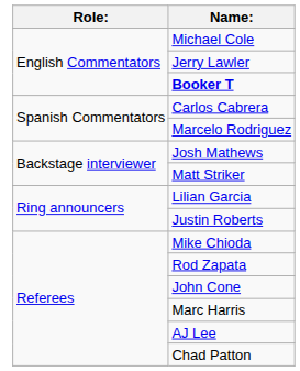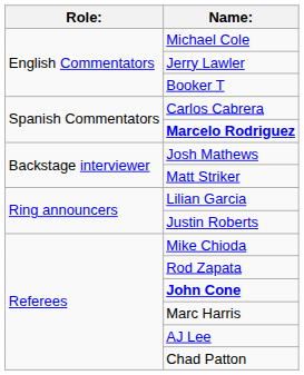 <table class=wikitable style="font-size:90%; margin: 0.5em 0 0.5em 1em; float: right; clear: right;">
 <tr>
 <th>Role:</th>
 <th>Name:</th>
 </tr>
 <tr>
 <td rowspan=3>English <a href='#'>Commentators</a></td>
 <td><a href='#'>Michael Cole</a></td>
 </tr>
 <tr>
 <td><a href='#'>Jerry Lawler</a></td>
 </tr>
 <tr>
-<td><strong><a href='#'>Booker T</a></strong></td>
+<td><a href='#'>Booker T</a></td>
 </tr>
 <tr>
 <td rowspan=2>Spanish Commentators</td>
 <td><a href='#'>Carlos Cabrera</a></td>
 </tr>
 <tr>
-<td><a href='#'>Marcelo Rodriguez</a></td>
+<td><strong><a href='#'>Marcelo Rodriguez</a></strong></td>
 </tr>
 <tr>
 <td rowspan=2>Backstage <a href='#'>interviewer</a></td>
 <td><a href='#'>Josh Mathews</a></td>
 </tr>
 <tr>
 <td><a href='#'>Matt Striker</a></td>
 </tr>
 <tr>
 <td rowspan=2><a href='#'>Ring announcers</a></td>
 <td><a href='#'>Lilian Garcia</a></td>
 </tr>
 <tr>
 <td><a href='#'>Justin Roberts</a></td>
 </tr>
 <tr>
 <td rowspan=6><a href='#'>Referees</a></td>
 <td><a href='#'>Mike Chioda</a></td>
 </tr>
 <tr>
 <td><a href='#'>Rod Zapata</a></td>
 </tr>
 <tr>
-<td><a href='#'>John Cone</a></td>
+<td><strong><a href='#'>John Cone</a></strong></td>
 </tr>
 <tr>
 <td>Marc Harris</td>
 </tr>
 <tr>
 <td><a href='#'>AJ Lee</a> </td>
 </tr>
 <tr>
 <td>Chad Patton</td>
 </tr>
 </table>
